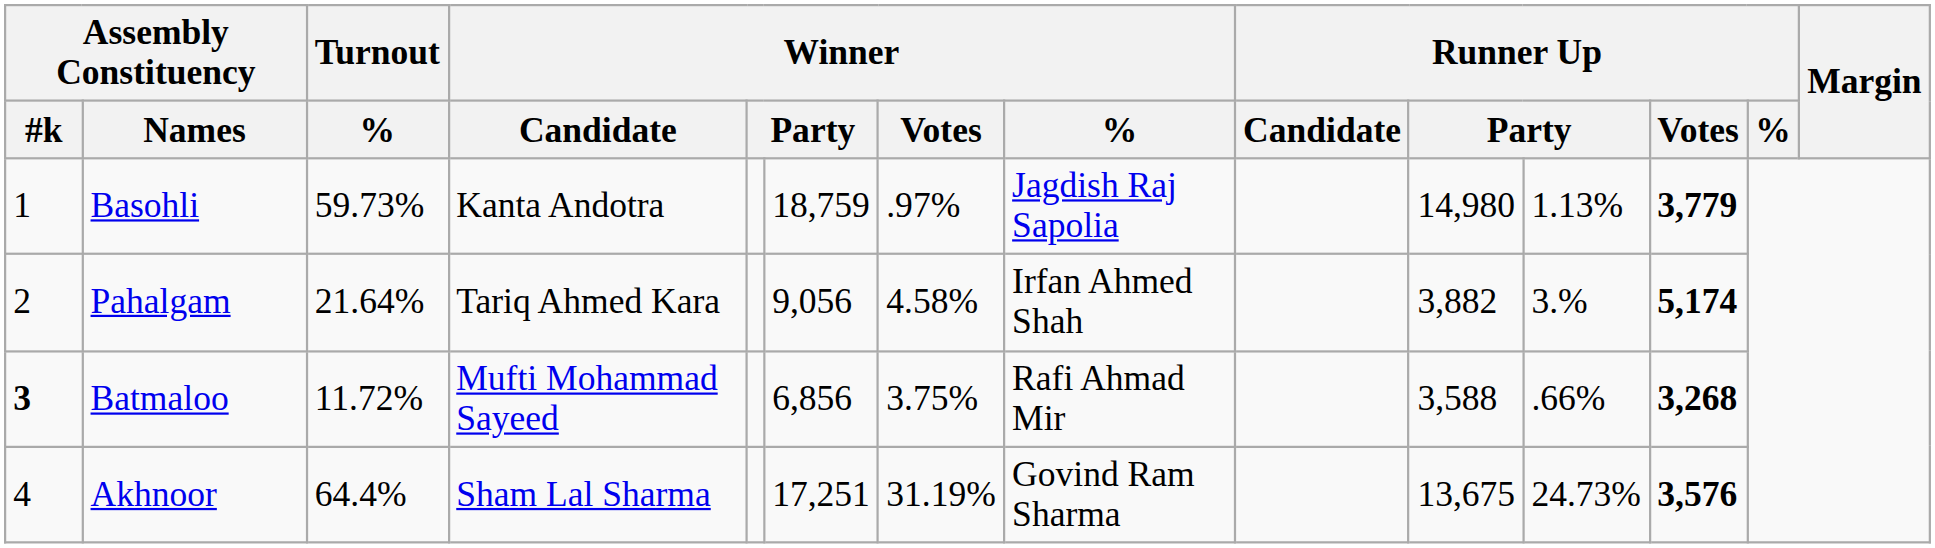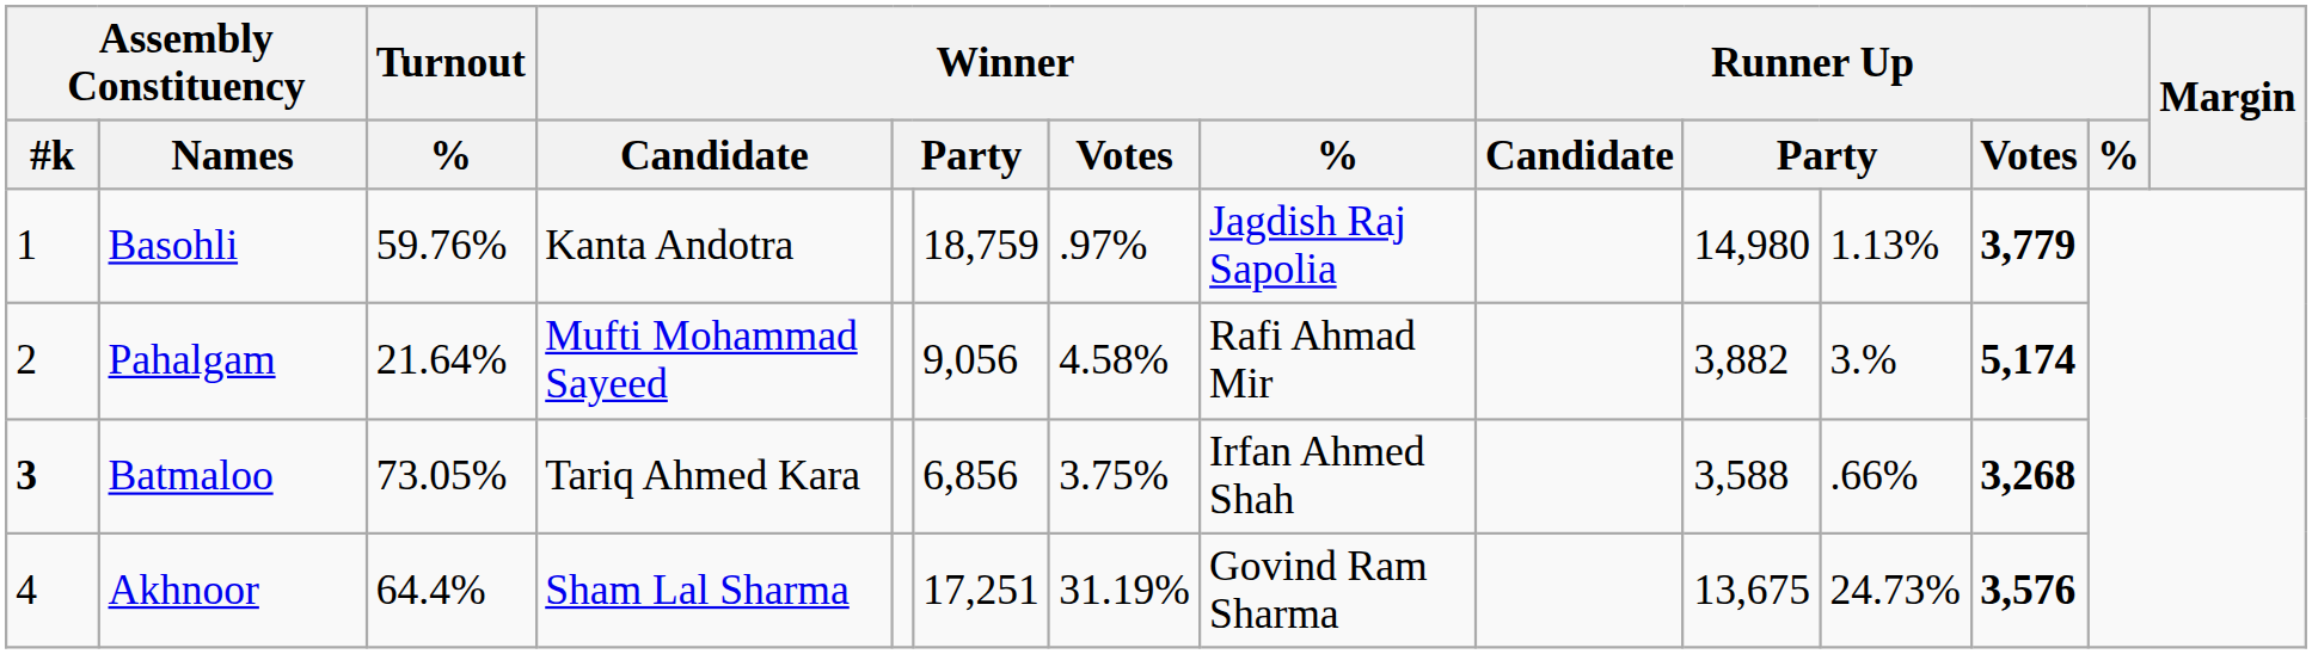 <table class="wikitable sortable">
 <tr>
 <th colspan="2">Assembly Constituency</th>
 <th>Turnout</th>
 <th colspan="5">Winner</th>
 <th colspan="5">Runner Up</th>
 <th rowspan="2" data-sort-type=number>Margin</th>
 </tr>
 <tr>
 <th>#k</th>
 <th>Names</th>
 <th>%</th>
 <th>Candidate</th>
 <th colspan="2">Party</th>
 <th data-sort-type=number>Votes</th>
 <th>%</th>
 <th>Candidate</th>
 <th colspan="2">Party</th>
 <th data-sort-type=number>Votes</th>
 <th>%</th>
 </tr>
 <tr>
 <td>1</td>
 <td><a href='#'>Basohli</a></td>
-<td>59.73%</td>
+<td>59.76%</td>
 <td>Kanta Andotra</td>
 <td></td>
 <td>18,759</td>
 <td>.97%</td>
 <td><a href='#'>Jagdish Raj Sapolia</a></td>
 <td></td>
 <td>14,980</td>
 <td>1.13%</td>
 <td style="background:"><span><strong>3,779</strong></span></td>
 </tr>
 <tr>
 <td>2</td>
 <td><a href='#'>Pahalgam</a></td>
 <td>21.64%</td>
-<td>Tariq Ahmed Kara</td>
+<td><a href='#'>Mufti Mohammad Sayeed</a></td>
 <td></td>
 <td>9,056</td>
 <td>4.58%</td>
-<td>Irfan Ahmed Shah</td>
+<td>Rafi Ahmad Mir</td>
 <td></td>
 <td>3,882</td>
 <td>3.%</td>
 <td style="background:"><span><strong>5,174</strong></span></td>
 </tr>
 <tr>
 <td><strong>3</strong></td>
 <td><a href='#'>Batmaloo</a></td>
-<td>11.72%</td>
-<td><a href='#'>Mufti Mohammad Sayeed</a></td>
+<td>73.05%</td>
+<td>Tariq Ahmed Kara</td>
 <td></td>
 <td>6,856</td>
 <td>3.75%</td>
-<td>Rafi Ahmad Mir</td>
+<td>Irfan Ahmed Shah</td>
 <td></td>
 <td>3,588</td>
 <td>.66%</td>
 <td style="background:"><span><strong>3,268</strong></span></td>
 </tr>
 <tr>
 <td>4</td>
 <td><a href='#'>Akhnoor</a></td>
 <td>64.4%</td>
 <td><a href='#'>Sham Lal Sharma</a></td>
 <td></td>
 <td>17,251</td>
 <td>31.19%</td>
 <td>Govind Ram Sharma</td>
 <td></td>
 <td>13,675</td>
 <td>24.73%</td>
 <td style="background:"><span><strong>3,576</strong></span></td>
 </tr>
 </table>
